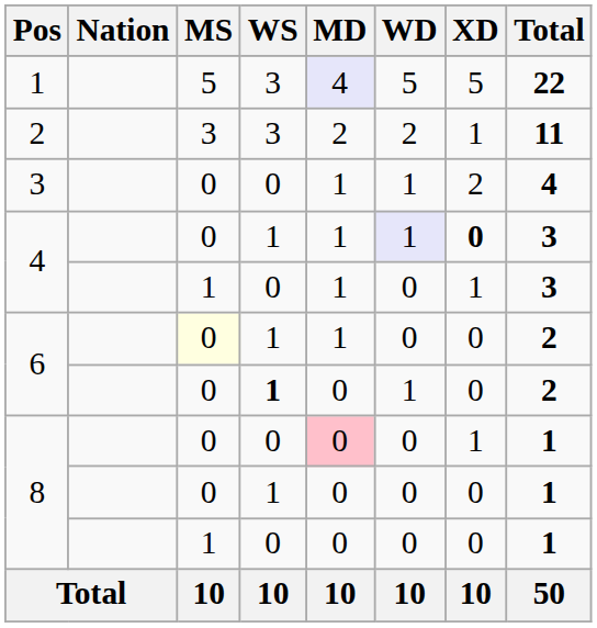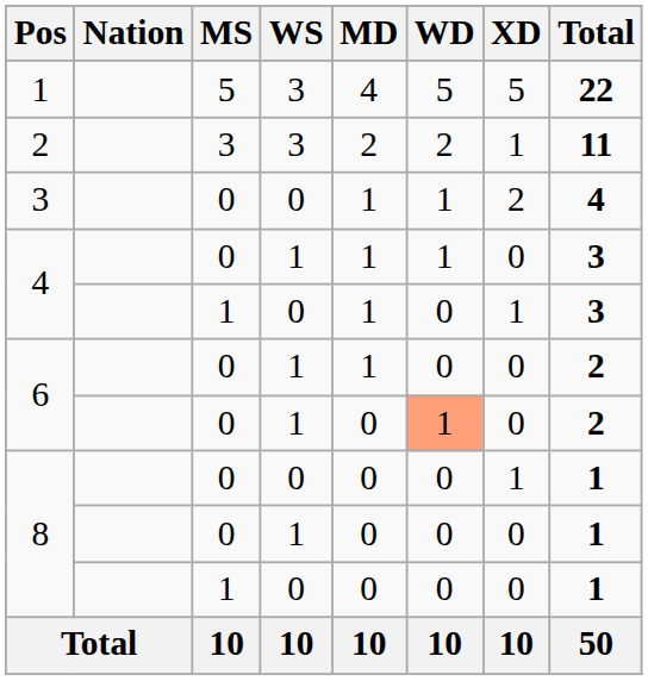 <table class="wikitable" style="text-align:center">
 <tr>
 <th>Pos</th>
 <th>Nation</th>
 <th>MS</th>
 <th>WS</th>
 <th>MD</th>
 <th>WD</th>
 <th>XD</th>
 <th>Total</th>
 </tr>
 <tr>
 <td>1</td>
 <td align="left"></td>
 <td>5</td>
 <td>3</td>
-<td style="background: lavender;">4</td>
+<td>4</td>
 <td>5</td>
 <td>5</td>
 <td><strong>22</strong></td>
 </tr>
 <tr>
 <td>2</td>
 <td align="left"></td>
 <td>3</td>
 <td>3</td>
 <td>2</td>
 <td>2</td>
 <td>1</td>
 <td><strong>11</strong></td>
 </tr>
 <tr>
 <td>3</td>
 <td align="left"><strong></strong></td>
 <td>0</td>
 <td>0</td>
 <td>1</td>
 <td>1</td>
 <td>2</td>
 <td><strong>4</strong></td>
 </tr>
 <tr>
 <td rowspan=2>4</td>
 <td align="left"></td>
 <td>0</td>
 <td>1</td>
 <td>1</td>
-<td style="background: lavender;">1</td>
-<td><strong>0</strong></td>
+<td>1</td>
+<td>0</td>
 <td><strong>3</strong></td>
 </tr>
 <tr>
 <td align="left"></td>
 <td>1</td>
 <td>0</td>
 <td>1</td>
 <td>0</td>
 <td>1</td>
 <td><strong>3</strong></td>
 </tr>
 <tr>
 <td rowspan=2>6</td>
 <td align="left"></td>
-<td style="background: lightyellow;">0</td>
+<td>0</td>
 <td>1</td>
 <td>1</td>
 <td>0</td>
 <td>0</td>
 <td><strong>2</strong></td>
 </tr>
 <tr>
 <td align="left"></td>
 <td>0</td>
-<td><strong>1</strong></td>
+<td>1</td>
 <td>0</td>
-<td>1</td>
+<td style="background: lightsalmon;">1</td>
 <td>0</td>
 <td><strong>2</strong></td>
 </tr>
 <tr>
 <td rowspan=3>8</td>
 <td align="left"></td>
 <td>0</td>
 <td>0</td>
-<td style="background: pink;">0</td>
+<td>0</td>
 <td>0</td>
 <td>1</td>
 <td><strong>1</strong></td>
 </tr>
 <tr>
 <td align="left"></td>
 <td>0</td>
 <td>1</td>
 <td>0</td>
 <td>0</td>
 <td>0</td>
 <td><strong>1</strong></td>
 </tr>
 <tr>
 <td align="left"></td>
 <td>1</td>
 <td>0</td>
 <td>0</td>
 <td>0</td>
 <td>0</td>
 <td><strong>1</strong></td>
 </tr>
 <tr>
 <th colspan="2">Total</th>
 <th>10</th>
 <th>10</th>
 <th>10</th>
 <th>10</th>
 <th>10</th>
 <th>50</th>
 </tr>
 </table>
